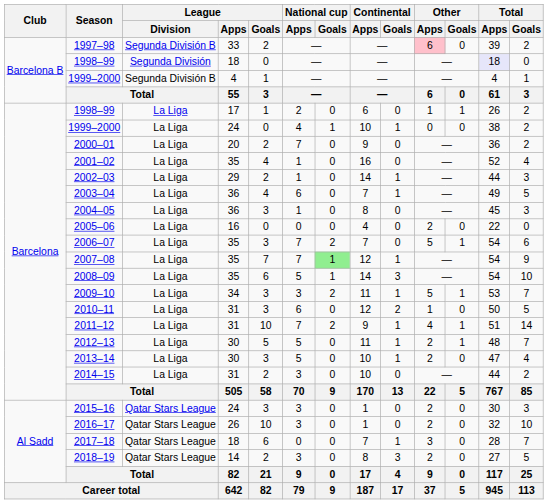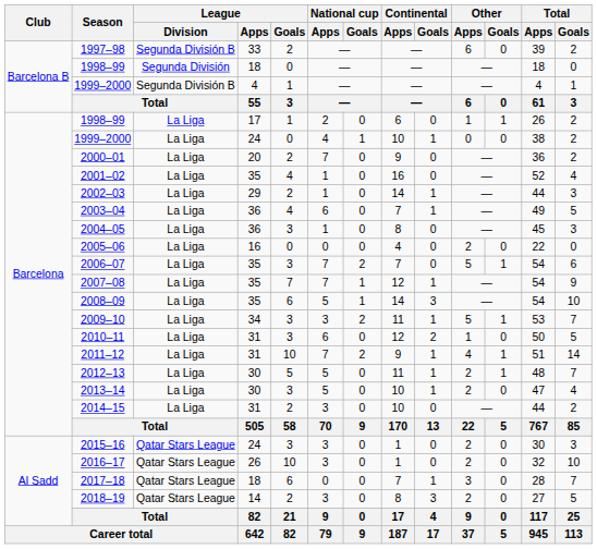 <table class="wikitable" style="text-align: center">
 <tr>
 <th rowspan="2">Club</th>
 <th rowspan="2">Season</th>
 <th colspan="3">League</th>
 <th colspan="2">National cup</th>
 <th colspan="2">Continental</th>
 <th colspan="2">Other</th>
 <th colspan="2">Total</th>
 </tr>
 <tr>
 <th>Division</th>
 <th>Apps</th>
 <th>Goals</th>
 <th>Apps</th>
 <th>Goals</th>
 <th>Apps</th>
 <th>Goals</th>
 <th>Apps</th>
 <th>Goals</th>
 <th>Apps</th>
 <th>Goals</th>
 </tr>
 <tr>
 <td rowspan="4"><a href='#'>Barcelona B</a></td>
 <td><a href='#'>1997–98</a></td>
 <td><a href='#'>Segunda División B</a></td>
 <td>33</td>
 <td>2</td>
 <td colspan="2">—</td>
 <td colspan="2">—</td>
-<td style="background: pink;">6</td>
+<td>6</td>
 <td>0</td>
 <td>39</td>
 <td>2</td>
 </tr>
 <tr>
 <td><a href='#'>1998–99</a></td>
 <td><a href='#'>Segunda División</a></td>
 <td>18</td>
 <td>0</td>
 <td colspan="2">—</td>
 <td colspan="2">—</td>
 <td colspan="2">—</td>
-<td style="background: lavender;">18</td>
+<td>18</td>
 <td>0</td>
 </tr>
 <tr>
 <td><a href='#'>1999–2000</a></td>
 <td>Segunda División B</td>
 <td>4</td>
 <td>1</td>
 <td colspan="2">—</td>
 <td colspan="2">—</td>
 <td colspan="2">—</td>
 <td>4</td>
 <td>1</td>
 </tr>
 <tr>
 <th colspan="2">Total</th>
 <th>55</th>
 <th>3</th>
 <th colspan="2">—</th>
 <th colspan="2">—</th>
 <th>6</th>
 <th>0</th>
 <th>61</th>
 <th>3</th>
 </tr>
 <tr>
 <td rowspan="18"><a href='#'>Barcelona</a></td>
 <td><a href='#'>1998–99</a></td>
 <td><a href='#'>La Liga</a></td>
 <td>17</td>
 <td>1</td>
 <td>2</td>
 <td>0</td>
 <td>6</td>
 <td>0</td>
 <td>1</td>
 <td>1</td>
 <td>26</td>
 <td>2</td>
 </tr>
 <tr>
 <td><a href='#'>1999–2000</a></td>
 <td>La Liga</td>
 <td>24</td>
 <td>0</td>
 <td>4</td>
 <td>1</td>
 <td>10</td>
 <td>1</td>
 <td>0</td>
 <td>0</td>
 <td>38</td>
 <td>2</td>
 </tr>
 <tr>
 <td><a href='#'>2000–01</a></td>
 <td>La Liga</td>
 <td>20</td>
 <td>2</td>
 <td>7</td>
 <td>0</td>
 <td>9</td>
 <td>0</td>
 <td colspan="2">—</td>
 <td>36</td>
 <td>2</td>
 </tr>
 <tr>
 <td><a href='#'>2001–02</a></td>
 <td>La Liga</td>
 <td>35</td>
 <td>4</td>
 <td>1</td>
 <td>0</td>
 <td>16</td>
 <td>0</td>
 <td colspan="2">—</td>
 <td>52</td>
 <td>4</td>
 </tr>
 <tr>
 <td><a href='#'>2002–03</a></td>
 <td>La Liga</td>
 <td>29</td>
 <td>2</td>
 <td>1</td>
 <td>0</td>
 <td>14</td>
 <td>1</td>
 <td colspan="2">—</td>
 <td>44</td>
 <td>3</td>
 </tr>
 <tr>
 <td><a href='#'>2003–04</a></td>
 <td>La Liga</td>
 <td>36</td>
 <td>4</td>
 <td>6</td>
 <td>0</td>
 <td>7</td>
 <td>1</td>
 <td colspan="2">—</td>
 <td>49</td>
 <td>5</td>
 </tr>
 <tr>
 <td><a href='#'>2004–05</a></td>
 <td>La Liga</td>
 <td>36</td>
 <td>3</td>
 <td>1</td>
 <td>0</td>
 <td>8</td>
 <td>0</td>
 <td colspan="2">—</td>
 <td>45</td>
 <td>3</td>
 </tr>
 <tr>
 <td><a href='#'>2005–06</a></td>
 <td>La Liga</td>
 <td>16</td>
 <td>0</td>
 <td>0</td>
 <td>0</td>
 <td>4</td>
 <td>0</td>
 <td>2</td>
 <td>0</td>
 <td>22</td>
 <td>0</td>
 </tr>
 <tr>
 <td><a href='#'>2006–07</a></td>
 <td>La Liga</td>
 <td>35</td>
 <td>3</td>
 <td>7</td>
 <td>2</td>
 <td>7</td>
 <td>0</td>
 <td>5</td>
 <td>1</td>
 <td>54</td>
 <td>6</td>
 </tr>
 <tr>
 <td><a href='#'>2007–08</a></td>
 <td>La Liga</td>
 <td>35</td>
 <td>7</td>
 <td>7</td>
-<td style="background: lightgreen;">1</td>
+<td>1</td>
 <td>12</td>
 <td>1</td>
 <td colspan="2">—</td>
 <td>54</td>
 <td>9</td>
 </tr>
 <tr>
 <td><a href='#'>2008–09</a></td>
 <td>La Liga</td>
 <td>35</td>
 <td>6</td>
 <td>5</td>
 <td>1</td>
 <td>14</td>
 <td>3</td>
 <td colspan="2">—</td>
 <td>54</td>
 <td>10</td>
 </tr>
 <tr>
 <td><a href='#'>2009–10</a></td>
 <td>La Liga</td>
 <td>34</td>
 <td>3</td>
 <td>3</td>
 <td>2</td>
 <td>11</td>
 <td>1</td>
 <td>5</td>
 <td>1</td>
 <td>53</td>
 <td>7</td>
 </tr>
 <tr>
 <td><a href='#'>2010–11</a></td>
 <td>La Liga</td>
 <td>31</td>
 <td>3</td>
 <td>6</td>
 <td>0</td>
 <td>12</td>
 <td>2</td>
 <td>1</td>
 <td>0</td>
 <td>50</td>
 <td>5</td>
 </tr>
 <tr>
 <td><a href='#'>2011–12</a></td>
 <td>La Liga</td>
 <td>31</td>
 <td>10</td>
 <td>7</td>
 <td>2</td>
 <td>9</td>
 <td>1</td>
 <td>4</td>
 <td>1</td>
 <td>51</td>
 <td>14</td>
 </tr>
 <tr>
 <td><a href='#'>2012–13</a></td>
 <td>La Liga</td>
 <td>30</td>
 <td>5</td>
 <td>5</td>
 <td>0</td>
 <td>11</td>
 <td>1</td>
 <td>2</td>
 <td>1</td>
 <td>48</td>
 <td>7</td>
 </tr>
 <tr>
 <td><a href='#'>2013–14</a></td>
 <td>La Liga</td>
 <td>30</td>
 <td>3</td>
 <td>5</td>
 <td>0</td>
 <td>10</td>
 <td>1</td>
 <td>2</td>
 <td>0</td>
 <td>47</td>
 <td>4</td>
 </tr>
 <tr>
 <td><a href='#'>2014–15</a></td>
 <td>La Liga</td>
 <td>31</td>
 <td>2</td>
 <td>3</td>
 <td>0</td>
 <td>10</td>
 <td>0</td>
 <td colspan="2">—</td>
 <td>44</td>
 <td>2</td>
 </tr>
 <tr>
 <th colspan="2">Total</th>
 <th>505</th>
 <th>58</th>
 <th>70</th>
 <th>9</th>
 <th>170</th>
 <th>13</th>
 <th>22</th>
 <th>5</th>
 <th>767</th>
 <th>85</th>
 </tr>
 <tr>
 <td rowspan="5"><a href='#'>Al Sadd</a></td>
 <td><a href='#'>2015–16</a></td>
 <td><a href='#'>Qatar Stars League</a></td>
 <td>24</td>
 <td>3</td>
 <td>3</td>
 <td>0</td>
 <td>1</td>
 <td>0</td>
 <td>2</td>
 <td>0</td>
 <td>30</td>
 <td>3</td>
 </tr>
 <tr>
 <td><a href='#'>2016–17</a></td>
 <td>Qatar Stars League</td>
 <td>26</td>
 <td>10</td>
 <td>3</td>
 <td>0</td>
 <td>1</td>
 <td>0</td>
 <td>2</td>
 <td>0</td>
 <td>32</td>
 <td>10</td>
 </tr>
 <tr>
 <td><a href='#'>2017–18</a></td>
 <td>Qatar Stars League</td>
 <td>18</td>
 <td>6</td>
 <td>0</td>
 <td>0</td>
 <td>7</td>
 <td>1</td>
 <td>3</td>
 <td>0</td>
 <td>28</td>
 <td>7</td>
 </tr>
 <tr>
 <td><a href='#'>2018–19</a></td>
 <td>Qatar Stars League</td>
 <td>14</td>
 <td>2</td>
 <td>3</td>
 <td>0</td>
 <td>8</td>
 <td>3</td>
 <td>2</td>
 <td>0</td>
 <td>27</td>
 <td>5</td>
 </tr>
 <tr>
 <th colspan="2">Total</th>
 <th>82</th>
 <th>21</th>
 <th>9</th>
 <th>0</th>
 <th>17</th>
 <th>4</th>
 <th>9</th>
 <th>0</th>
 <th>117</th>
 <th>25</th>
 </tr>
 <tr>
 <th colspan="3">Career total</th>
 <th>642</th>
 <th>82</th>
 <th>79</th>
 <th>9</th>
 <th>187</th>
 <th>17</th>
 <th>37</th>
 <th>5</th>
 <th>945</th>
 <th>113</th>
 </tr>
 </table>
